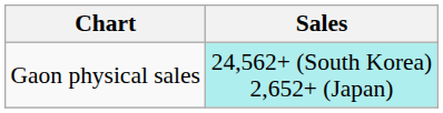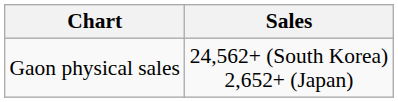 <table class="wikitable">
 <tr>
 <th>Chart</th>
 <th>Sales</th>
 </tr>
 <tr>
 <td>Gaon physical sales</td>
-<td align="center" style="background: paleturquoise;">24,562+ (South Korea)<br> 2,652+ (Japan)</td>
+<td align="center">24,562+ (South Korea)<br> 2,652+ (Japan)</td>
 </tr>
 </table>
